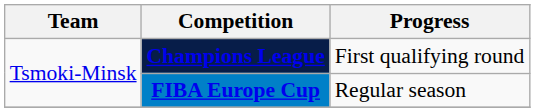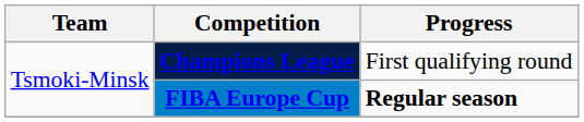 <table class="wikitable sortable">
 <tr>
 <th>Team</th>
 <th>Competition</th>
 <th>Progress</th>
 </tr>
 <tr>
 <td rowspan=2><a href='#'>Tsmoki-Minsk</a></td>
 <td style="background-color:#071D49;color:#D0D3D4;text-align:center"><strong><a href='#'><span>Champions League</span></a></strong></td>
 <td>First qualifying round</td>
 </tr>
 <tr>
 <td style="background-color:#0080C8;color:white;text-align:center"><strong><a href='#'><span>FIBA Europe Cup</span></a></strong></td>
-<td>Regular season</td>
+<td><strong>Regular season</strong></td>
 </tr>
 <tr>
 </tr>
 </table>
